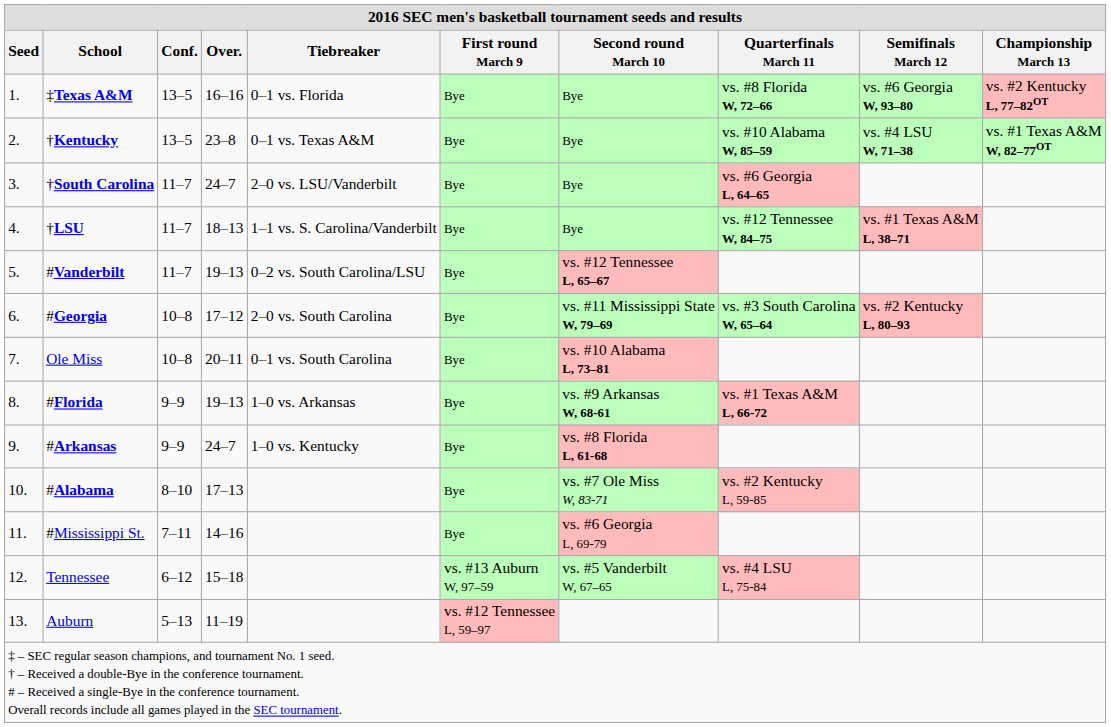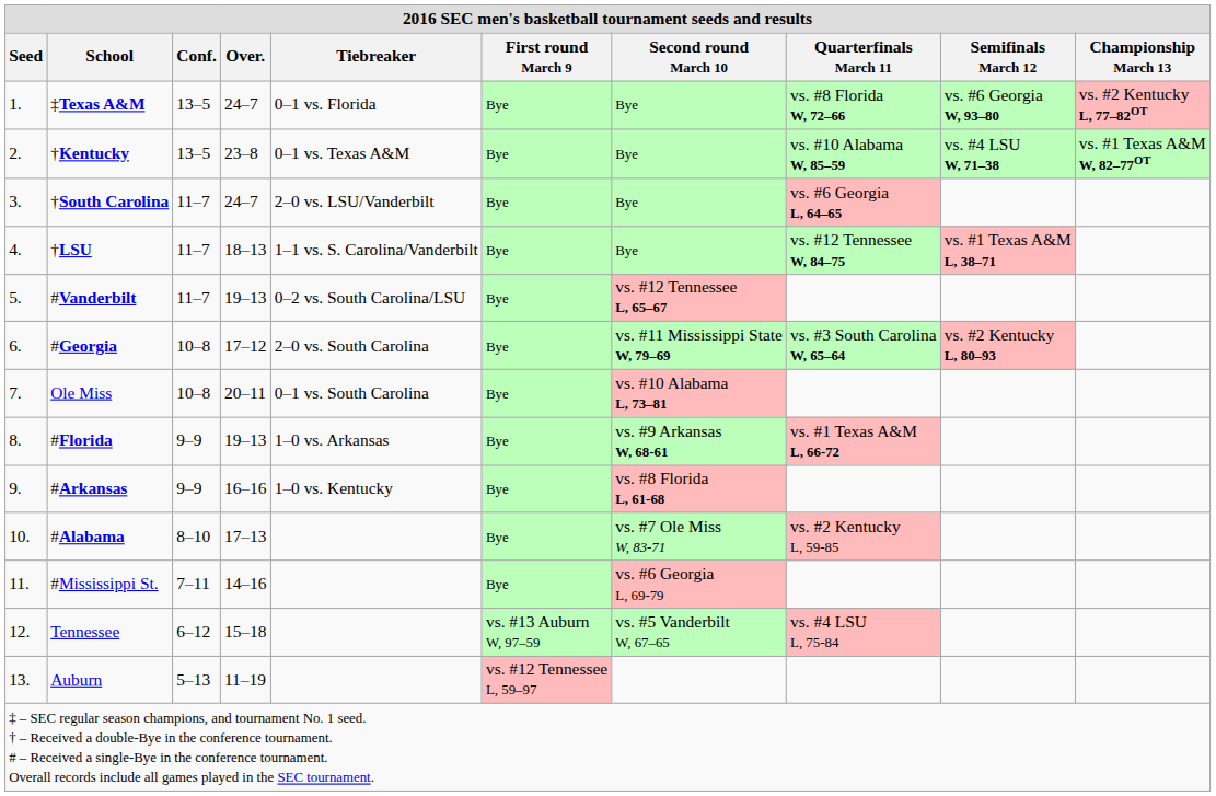 <table class="wikitable" style="white-space:nowrap; font-size:90%;">
 <tr>
 <td colspan="10" style="text-align:center; background:#DDDDDD; font:#000000"><strong>2016 SEC men's basketball tournament seeds and results</strong></td>
 </tr>
 <tr bgcolor="#efefef">
 <th>Seed</th>
 <th>School</th>
 <th>Conf.</th>
 <th>Over.</th>
 <th>Tiebreaker</th>
 <th>First round<br><small>March 9</small></th>
 <th>Second round<br><small>March 10</small></th>
 <th>Quarterfinals<br><small>March 11</small></th>
 <th>Semifinals<br><small>March 12</small></th>
 <th>Championship<br><small>March 13</small></th>
 </tr>
 <tr>
 <td>1.</td>
 <td>‡<strong><a href='#'>Texas A&M</a></strong></td>
 <td>13–5</td>
-<td>16–16</td>
+<td>24–7</td>
 <td>0–1 vs. Florida</td>
 <td style="background:#bfb;"><small>Bye</small></td>
 <td style="background:#bfb;"><small>Bye</small></td>
 <td style="background:#bfb;">vs. #8 Florida<br><small><strong>W, 72–66</strong></small></td>
 <td style="background:#bfb;">vs. #6 Georgia<br><small><strong>W, 93–80</strong></small></td>
 <td style="background:#fbb;">vs. #2 Kentucky<br><small><strong>L, 77–82<sup>OT</sup></strong></small></td>
 </tr>
 <tr>
 <td>2.</td>
 <td>†<strong><a href='#'>Kentucky</a></strong></td>
 <td>13–5</td>
 <td>23–8</td>
 <td>0–1 vs. Texas A&M</td>
 <td style="background:#bfb;"><small>Bye</small></td>
 <td style="background:#bfb;"><small>Bye</small></td>
 <td style="background:#bfb;">vs. #10 Alabama<br><small><strong>W, 85–59</strong></small></td>
 <td style="background:#bfb;">vs. #4 LSU<br><small><strong>W, 71–38</strong></small></td>
 <td style="background:#bfb;">vs. #1 Texas A&M<br><small><strong>W, 82–77<sup>OT</sup></strong></small></td>
 </tr>
 <tr>
 <td>3.</td>
 <td>†<strong><a href='#'>South Carolina</a></strong></td>
 <td>11–7</td>
 <td>24–7</td>
 <td>2–0 vs. LSU/Vanderbilt</td>
 <td style="background:#bfb;"><small>Bye</small></td>
 <td style="background:#bfb;"><small>Bye</small></td>
 <td style="background:#fbb;">vs. #6 Georgia<br><small><strong>L, 64–65</strong></small></td>
 <td></td>
 <td></td>
 </tr>
 <tr>
 <td>4.</td>
 <td>†<strong><a href='#'>LSU</a> </strong></td>
 <td>11–7</td>
 <td>18–13</td>
 <td>1–1 vs. S. Carolina/Vanderbilt</td>
 <td style="background:#bfb;"><small>Bye</small></td>
 <td style="background:#bfb;"><small>Bye</small></td>
 <td style="background:#bfb;">vs. #12 Tennessee<br><small><strong>W, 84–75</strong></small></td>
 <td style="background:#fbb;">vs. #1 Texas A&M<br><small><strong>L, 38–71</strong></small></td>
 <td></td>
 </tr>
 <tr>
 <td>5.</td>
 <td>#<strong><a href='#'>Vanderbilt</a></strong></td>
 <td>11–7</td>
 <td>19–13</td>
 <td>0–2 vs. South Carolina/LSU</td>
 <td style="background:#bfb;"><small>Bye</small></td>
 <td style="background:#fbb;">vs. #12 Tennessee<br><small><strong>L, 65–67</strong></small></td>
 <td></td>
 <td></td>
 <td></td>
 </tr>
 <tr>
 <td>6.</td>
 <td>#<strong><a href='#'>Georgia</a></strong></td>
 <td>10–8</td>
 <td>17–12</td>
 <td>2–0 vs. South Carolina</td>
 <td style="background:#bfb;"><small>Bye</small></td>
 <td style="background:#bfb;">vs. #11 Mississippi State<br><small><strong>W, 79–69</strong></small></td>
 <td style="background:#bfb;">vs. #3 South Carolina<br><small><strong>W, 65–64</strong></small></td>
 <td style="background:#fbb;">vs. #2 Kentucky<br><small><strong>L, 80–93</strong></small></td>
 <td></td>
 </tr>
 <tr>
 <td>7.</td>
 <td #><a href='#'>Ole Miss</a></td>
 <td>10–8</td>
 <td>20–11</td>
 <td>0–1 vs. South Carolina</td>
 <td style="background:#bfb;"><small>Bye</small></td>
 <td style="background:#fbb;">vs. #10 Alabama<br><small><strong>L, 73–81</strong></small></td>
 <td></td>
 <td></td>
 <td></td>
 </tr>
 <tr>
 <td>8.</td>
 <td>#<strong><a href='#'>Florida</a></strong></td>
 <td>9–9</td>
 <td>19–13</td>
 <td>1–0 vs. Arkansas</td>
 <td style="background:#bfb;"><small>Bye</small></td>
 <td style="background:#bfb;">vs. #9 Arkansas<br><strong><small>W, 68-61</small></strong></td>
 <td style="background:#fbb;">vs. #1 Texas A&M<br><strong><small>L, 66-72</small></strong></td>
 <td></td>
 <td></td>
 </tr>
 <tr>
 <td>9.</td>
 <td>#<strong><a href='#'>Arkansas</a></strong></td>
 <td>9–9</td>
-<td>24–7</td>
+<td>16–16</td>
 <td>1–0 vs. Kentucky</td>
 <td style="background:#bfb;"><small>Bye</small></td>
 <td style="background:#fbb;">vs. #8 Florida<br><strong><small>L, 61-68</small></strong></td>
 <td></td>
 <td></td>
 <td></td>
 </tr>
 <tr>
 <td>10.</td>
 <td>#<strong><a href='#'>Alabama</a></strong></td>
 <td>8–10</td>
 <td>17–13</td>
 <td></td>
 <td style="background:#bfb;"><small>Bye</small></td>
 <td style="background:#bfb;">vs. #7 Ole Miss<br><em><small>W, 83-71</small><strong></td>
 <td style="background:#fbb;">vs. #2 Kentucky<br></strong><small>L, 59-85</small><strong></td>
 <td></td>
 <td></td>
 </tr>
 <tr>
 <td>11.</td>
 <td>#</strong><a href='#'>Mississippi St.</a><strong></td>
 <td>7–11</td>
 <td>14–16</td>
 <td></td>
 <td style="background:#bfb;"><small>Bye</small></td>
 <td style="background:#fbb;">vs. #6 Georgia<br></strong><small>L, 69-79</small><strong></td>
 <td></td>
 <td></td>
 <td></td>
 </tr>
 <tr>
 <td>12.</td>
 <td></strong><a href='#'>Tennessee</a><strong></td>
 <td>6–12</td>
 <td>15–18</td>
 <td></td>
 <td style="background:#bfb;">vs. #13 Auburn<br><small></strong>W, 97–59<strong></small></td>
 <td style="background:#bfb;">vs. #5 Vanderbilt<br><small></strong>W, 67–65<strong></small></td>
 <td style="background:#fbb;">vs. #4 LSU<br></strong><small>L, 75-84</small><strong></td>
 <td></td>
 <td></td>
 </tr>
 <tr>
 <td>13.</td>
 <td></strong><a href='#'>Auburn</a><strong></td>
 <td>5–13</td>
 <td>11–19</td>
 <td></td>
 <td style="background:#fbb;">vs. #12 Tennessee<br><small></strong>L, 59–97<strong></small></td>
 <td></td>
 <td></td>
 <td></td>
 <td></td>
 </tr>
 <tr>
 <td colspan="10" style="text-align:left;"><small>‡ – SEC regular season champions, and tournament No. 1 seed.<br>† – Received a double-Bye in the conference tournament.<br># – Received a single-Bye in the conference tournament.<br>Overall records include all games played in the <a href='#'>SEC tournament</a>.</small></td>
 </tr>
 <tr>
 </tr>
 </table>
